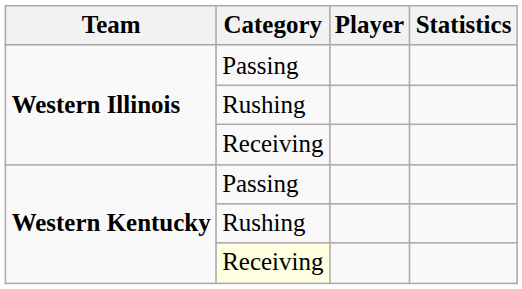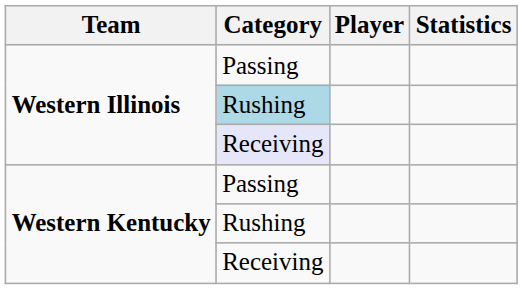 <table class="wikitable" style="float: right;">
 <tr>
 <th>Team</th>
 <th>Category</th>
 <th>Player</th>
 <th>Statistics</th>
 </tr>
 <tr>
 <td rowspan=3><strong>Western Illinois</strong></td>
 <td>Passing</td>
 <td></td>
 <td></td>
 </tr>
 <tr>
-<td>Rushing</td>
+<td style="background: lightblue;">Rushing</td>
 <td></td>
 <td></td>
 </tr>
 <tr>
-<td>Receiving</td>
+<td style="background: lavender;">Receiving</td>
 <td></td>
 <td></td>
 </tr>
 <tr>
 <td rowspan=3><strong>Western Kentucky</strong></td>
 <td>Passing</td>
 <td></td>
 <td></td>
 </tr>
 <tr>
 <td>Rushing</td>
 <td></td>
 <td></td>
 </tr>
 <tr>
-<td style="background: lightyellow;">Receiving</td>
+<td>Receiving</td>
 <td></td>
 <td></td>
 </tr>
 </table>
